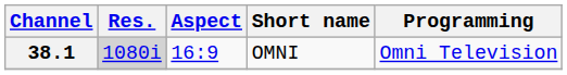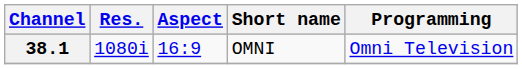 <table class="wikitable">
 <tr>
 <th><a href='#'>Channel</a></th>
 <th><a href='#'>Res.</a></th>
 <th><a href='#'>Aspect</a></th>
 <th>Short name</th>
 <th>Programming</th>
 </tr>
 <tr>
 <th scope = "row">38.1</th>
-<td style="background: lightgrey;"><a href='#'>1080i</a></td>
+<td><a href='#'>1080i</a></td>
 <td><a href='#'>16:9</a></td>
 <td>OMNI</td>
 <td><a href='#'>Omni Television</a></td>
 </tr>
 <tr>
 </tr>
 </table>
